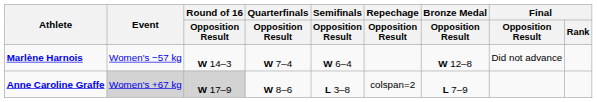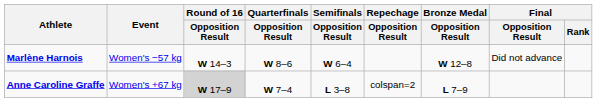 <table class="wikitable" style="font-size:90%">
 <tr>
 <th rowspan="2">Athlete</th>
 <th rowspan="2">Event</th>
 <th>Round of 16</th>
 <th>Quarterfinals</th>
 <th>Semifinals</th>
 <th>Repechage</th>
 <th>Bronze Medal</th>
 <th colspan=2>Final</th>
 </tr>
 <tr style="font-size:95%">
 <th>Opposition<br>Result</th>
 <th>Opposition<br>Result</th>
 <th>Opposition<br>Result</th>
 <th>Opposition<br>Result</th>
 <th>Opposition<br>Result</th>
 <th>Opposition<br>Result</th>
 <th>Rank</th>
 </tr>
 <tr align=center>
 <td align=left><strong><a href='#'>Marlène Harnois</a></strong></td>
 <td align=left><a href='#'>Women's −57 kg</a></td>
 <td><br><strong>W</strong> 14–3 </td>
-<td><br><strong>W</strong> 7–4</td>
+<td><br><strong>W</strong> 8–6</td>
 <td><br><strong>W</strong> 6–4</td>
 <td></td>
 <td><br><strong>W</strong> 12–8</td>
 <td>Did not advance</td>
 <td></td>
 </tr>
 <tr align=center>
 <td align=left><strong><a href='#'>Anne Caroline Graffe</a></strong></td>
-<td align=left style="background: lightgrey;"><a href='#'>Women's +67 kg</a></td>
+<td align=left><a href='#'>Women's +67 kg</a></td>
 <td style="background: lightgrey;"><br><strong>W</strong> 17–9</td>
-<td><br><strong>W</strong> 8–6</td>
+<td><br><strong>W</strong> 7–4</td>
 <td><br><strong>L</strong> 3–8</td>
 <td>colspan=2 </td>
 <td><br><strong>L</strong> 7–9</td>
 <td></td>
 </tr>
 </table>
